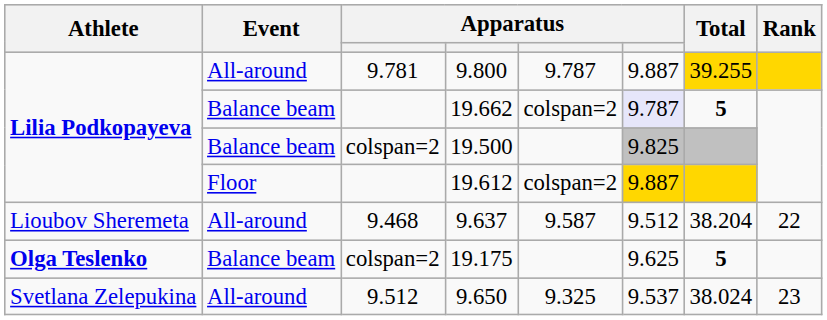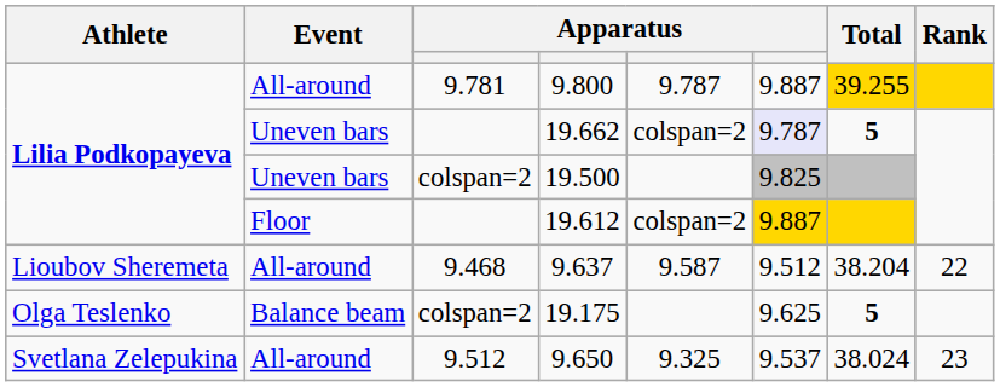 <table class="wikitable" style="font-size:90%">
 <tr>
 <th rowspan=2>Athlete</th>
 <th rowspan=2>Event</th>
 <th colspan =4>Apparatus</th>
 <th rowspan=2>Total</th>
 <th rowspan=2>Rank</th>
 </tr>
 <tr style="font-size:95%">
 <th></th>
 <th></th>
 <th></th>
 <th></th>
 </tr>
 <tr align=center>
 <td align=left rowspan=4><strong><a href='#'>Lilia Podkopayeva</a></strong></td>
 <td align=left><a href='#'>All-around</a></td>
 <td>9.781</td>
 <td>9.800</td>
 <td>9.787</td>
 <td>9.887</td>
 <td align="center" bgcolor='gold'>39.255</td>
 <td align="center" bgcolor='gold'></td>
 </tr>
 <tr align=center>
-<td align=left><a href='#'>Balance beam</a></td>
+<td align=left><a href='#'>Uneven bars</a></td>
 <td></td>
 <td>19.662</td>
 <td>colspan=2 </td>
 <td style="background: lavender;">9.787</td>
 <td><strong>5</strong></td>
 </tr>
 <tr align=center>
-<td align=left><a href='#'>Balance beam</a></td>
+<td align=left><a href='#'>Uneven bars</a></td>
 <td>colspan=2 </td>
 <td>19.500</td>
 <td></td>
 <td align="center" bgcolor='silver'>9.825</td>
 <td align="center" bgcolor='silver'></td>
 </tr>
 <tr align=center>
 <td align=left><a href='#'>Floor</a></td>
 <td></td>
 <td>19.612</td>
 <td>colspan=2 </td>
 <td align="center" bgcolor='gold'>9.887</td>
 <td align="center" bgcolor='gold'></td>
 </tr>
 <tr align=center>
 <td align=left><a href='#'>Lioubov Sheremeta</a></td>
 <td align=left><a href='#'>All-around</a></td>
 <td>9.468</td>
 <td>9.637</td>
 <td>9.587</td>
 <td>9.512</td>
 <td>38.204</td>
 <td>22</td>
 </tr>
 <tr align=center>
-<td align=left><strong><a href='#'>Olga Teslenko</a></strong></td>
+<td align=left><a href='#'>Olga Teslenko</a></td>
 <td align=left><a href='#'>Balance beam</a></td>
 <td>colspan=2 </td>
 <td>19.175</td>
 <td></td>
 <td>9.625</td>
 <td><strong>5</strong></td>
 </tr>
 <tr align=center>
 <td align=left><a href='#'>Svetlana Zelepukina</a></td>
 <td align=left><a href='#'>All-around</a></td>
 <td>9.512</td>
 <td>9.650</td>
 <td>9.325</td>
 <td>9.537</td>
 <td>38.024</td>
 <td>23</td>
 </tr>
 </table>
